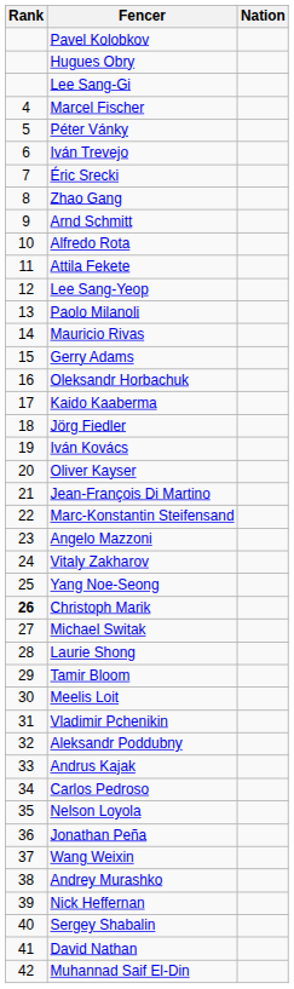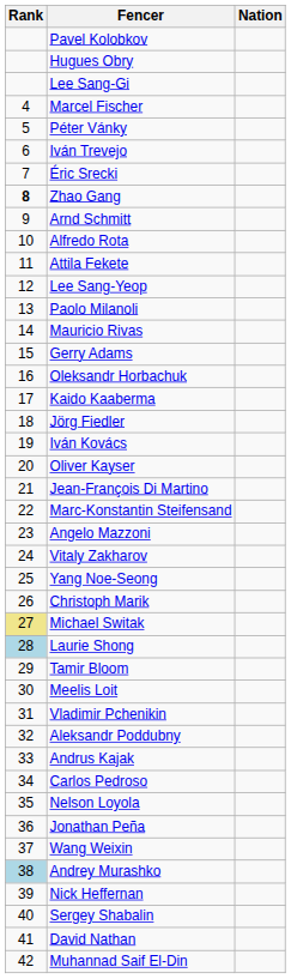 <table class="wikitable sortable" style="text-align: center;">
 <tr>
 <th>Rank</th>
 <th>Fencer</th>
 <th>Nation</th>
 </tr>
 <tr>
 <td></td>
 <td align=left><a href='#'>Pavel Kolobkov</a></td>
 <td align=left></td>
 </tr>
 <tr>
 <td></td>
 <td align=left><a href='#'>Hugues Obry</a></td>
 <td align=left></td>
 </tr>
 <tr>
 <td></td>
 <td align=left><a href='#'>Lee Sang-Gi</a></td>
 <td align=left></td>
 </tr>
 <tr>
 <td>4</td>
 <td align=left><a href='#'>Marcel Fischer</a></td>
 <td align=left></td>
 </tr>
 <tr>
 <td>5</td>
 <td align=left><a href='#'>Péter Vánky</a></td>
 <td align=left></td>
 </tr>
 <tr>
 <td>6</td>
 <td align=left><a href='#'>Iván Trevejo</a></td>
 <td align=left></td>
 </tr>
 <tr>
 <td>7</td>
 <td align=left><a href='#'>Éric Srecki</a></td>
 <td align=left></td>
 </tr>
 <tr>
-<td>8</td>
+<td><strong>8</strong></td>
 <td align=left><a href='#'>Zhao Gang</a></td>
 <td align=left></td>
 </tr>
 <tr>
 <td>9</td>
 <td align=left><a href='#'>Arnd Schmitt</a></td>
 <td align=left></td>
 </tr>
 <tr>
 <td>10</td>
 <td align=left><a href='#'>Alfredo Rota</a></td>
 <td align=left></td>
 </tr>
 <tr>
 <td>11</td>
 <td align=left><a href='#'>Attila Fekete</a></td>
 <td align=left></td>
 </tr>
 <tr>
 <td>12</td>
 <td align=left><a href='#'>Lee Sang-Yeop</a></td>
 <td align=left></td>
 </tr>
 <tr>
 <td>13</td>
 <td align=left><a href='#'>Paolo Milanoli</a></td>
 <td align=left></td>
 </tr>
 <tr>
 <td>14</td>
 <td align=left><a href='#'>Mauricio Rivas</a></td>
 <td align=left></td>
 </tr>
 <tr>
 <td>15</td>
 <td align=left><a href='#'>Gerry Adams</a></td>
 <td align=left></td>
 </tr>
 <tr>
 <td>16</td>
 <td align=left><a href='#'>Oleksandr Horbachuk</a></td>
 <td align=left></td>
 </tr>
 <tr>
 <td>17</td>
 <td align=left><a href='#'>Kaido Kaaberma</a></td>
 <td align=left></td>
 </tr>
 <tr>
 <td>18</td>
 <td align=left><a href='#'>Jörg Fiedler</a></td>
 <td align=left></td>
 </tr>
 <tr>
 <td>19</td>
 <td align=left><a href='#'>Iván Kovács</a></td>
 <td align=left></td>
 </tr>
 <tr>
 <td>20</td>
 <td align=left><a href='#'>Oliver Kayser</a></td>
 <td align=left></td>
 </tr>
 <tr>
 <td>21</td>
 <td align=left><a href='#'>Jean-François Di Martino</a></td>
 <td align=left></td>
 </tr>
 <tr>
 <td>22</td>
 <td align=left><a href='#'>Marc-Konstantin Steifensand</a></td>
 <td align=left></td>
 </tr>
 <tr>
 <td>23</td>
 <td align=left><a href='#'>Angelo Mazzoni</a></td>
 <td align=left></td>
 </tr>
 <tr>
 <td>24</td>
 <td align=left><a href='#'>Vitaly Zakharov</a></td>
 <td align=left></td>
 </tr>
 <tr>
 <td>25</td>
 <td align=left><a href='#'>Yang Noe-Seong</a></td>
 <td align=left></td>
 </tr>
 <tr>
-<td><strong>26</strong></td>
+<td>26</td>
 <td align=left><a href='#'>Christoph Marik</a></td>
 <td align=left></td>
 </tr>
 <tr>
-<td>27</td>
+<td style="background: khaki;">27</td>
 <td align=left><a href='#'>Michael Switak</a></td>
 <td align=left></td>
 </tr>
 <tr>
-<td>28</td>
+<td style="background: lightblue;">28</td>
 <td align=left><a href='#'>Laurie Shong</a></td>
 <td align=left></td>
 </tr>
 <tr>
 <td>29</td>
 <td align=left><a href='#'>Tamir Bloom</a></td>
 <td align=left></td>
 </tr>
 <tr>
 <td>30</td>
 <td align=left><a href='#'>Meelis Loit</a></td>
 <td align=left></td>
 </tr>
 <tr>
 <td>31</td>
 <td align=left><a href='#'>Vladimir Pchenikin</a></td>
 <td align=left></td>
 </tr>
 <tr>
 <td>32</td>
 <td align=left><a href='#'>Aleksandr Poddubny</a></td>
 <td align=left></td>
 </tr>
 <tr>
 <td>33</td>
 <td align=left><a href='#'>Andrus Kajak</a></td>
 <td align=left></td>
 </tr>
 <tr>
 <td>34</td>
 <td align=left><a href='#'>Carlos Pedroso</a></td>
 <td align=left></td>
 </tr>
 <tr>
 <td>35</td>
 <td align=left><a href='#'>Nelson Loyola</a></td>
 <td align=left></td>
 </tr>
 <tr>
 <td>36</td>
 <td align=left><a href='#'>Jonathan Peña</a></td>
 <td align=left></td>
 </tr>
 <tr>
 <td>37</td>
 <td align=left><a href='#'>Wang Weixin</a></td>
 <td align=left></td>
 </tr>
 <tr>
-<td>38</td>
+<td style="background: lightblue;">38</td>
 <td align=left><a href='#'>Andrey Murashko</a></td>
 <td align=left></td>
 </tr>
 <tr>
 <td>39</td>
 <td align=left><a href='#'>Nick Heffernan</a></td>
 <td align=left></td>
 </tr>
 <tr>
 <td>40</td>
 <td align=left><a href='#'>Sergey Shabalin</a></td>
 <td align=left></td>
 </tr>
 <tr>
 <td>41</td>
 <td align=left><a href='#'>David Nathan</a></td>
 <td align=left></td>
 </tr>
 <tr>
 <td>42</td>
 <td align=left><a href='#'>Muhannad Saif El-Din</a></td>
 <td align=left></td>
 </tr>
 </table>
